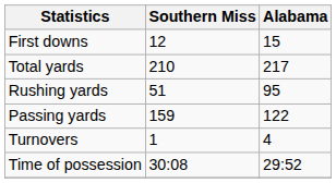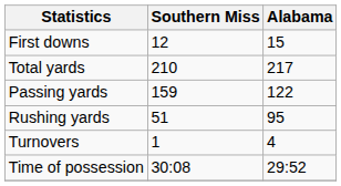 <table class="wikitable" style="float: left;">
 <tr>
 <th>Statistics</th>
 <th style=>Southern Miss</th>
 <th>Alabama</th>
 </tr>
 <tr>
 <td>First downs</td>
 <td>12</td>
 <td>15</td>
 </tr>
 <tr>
 <td>Total yards</td>
 <td>210</td>
 <td>217</td>
 </tr>
 <tr>
+<td>Passing yards</td>
+<td>159</td>
+<td>122</td>
+</tr>
+<tr>
 <td>Rushing yards</td>
 <td>51</td>
 <td>95</td>
-</tr>
-<tr>
-<td>Passing yards</td>
-<td>159</td>
-<td>122</td>
 </tr>
 <tr>
 <td>Turnovers</td>
 <td>1</td>
 <td>4</td>
 </tr>
 <tr>
 <td>Time of possession</td>
 <td>30:08</td>
 <td>29:52</td>
 </tr>
 <tr>
 </tr>
 </table>
